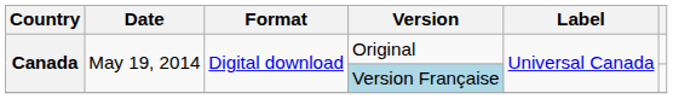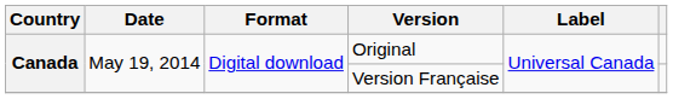 <table class="wikitable plainrowheaders">
 <tr>
 <th>Country</th>
 <th>Date</th>
 <th>Format</th>
 <th>Version</th>
 <th>Label</th>
 <th></th>
 </tr>
 <tr>
 <th scope="row" rowspan="2">Canada</th>
 <td rowspan="2">May 19, 2014</td>
 <td rowspan="2"><a href='#'>Digital download</a></td>
 <td>Original</td>
 <td rowspan="2"><a href='#'>Universal Canada</a></td>
 <td></td>
 </tr>
 <tr>
-<td style="background: lightblue;">Version Française</td>
+<td>Version Française</td>
 <td></td>
 </tr>
 <tr>
 </tr>
 </table>
